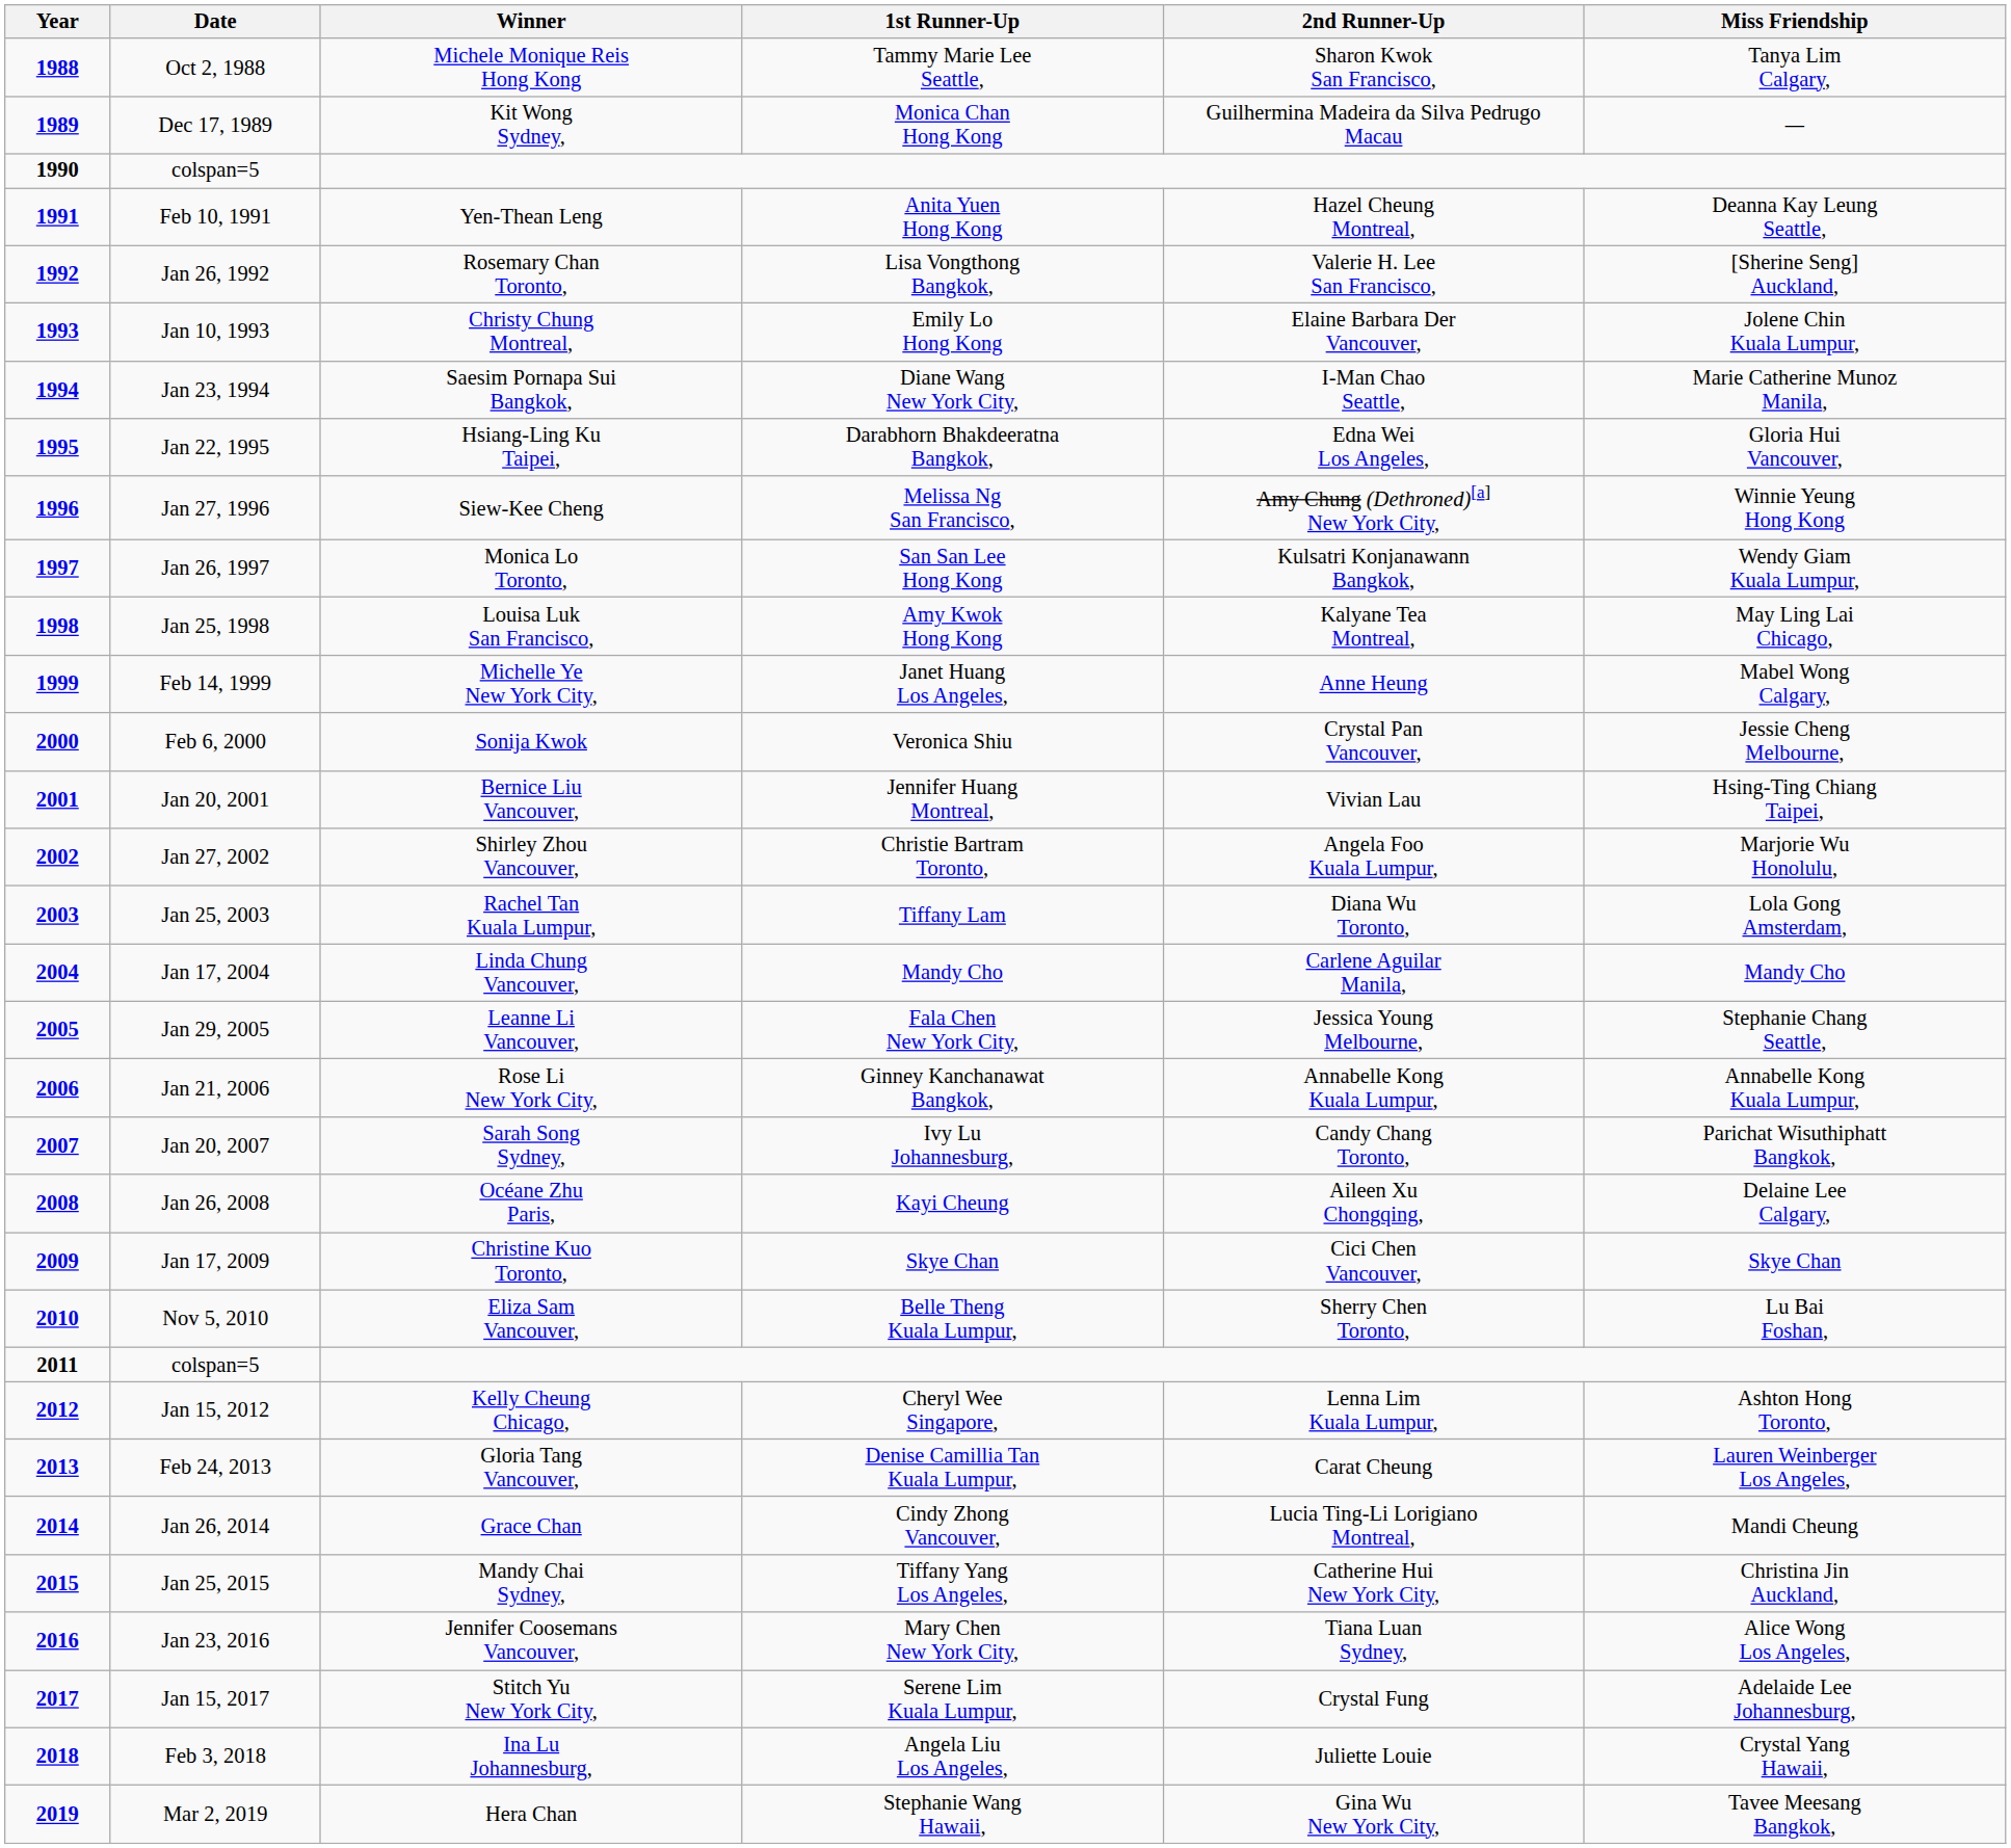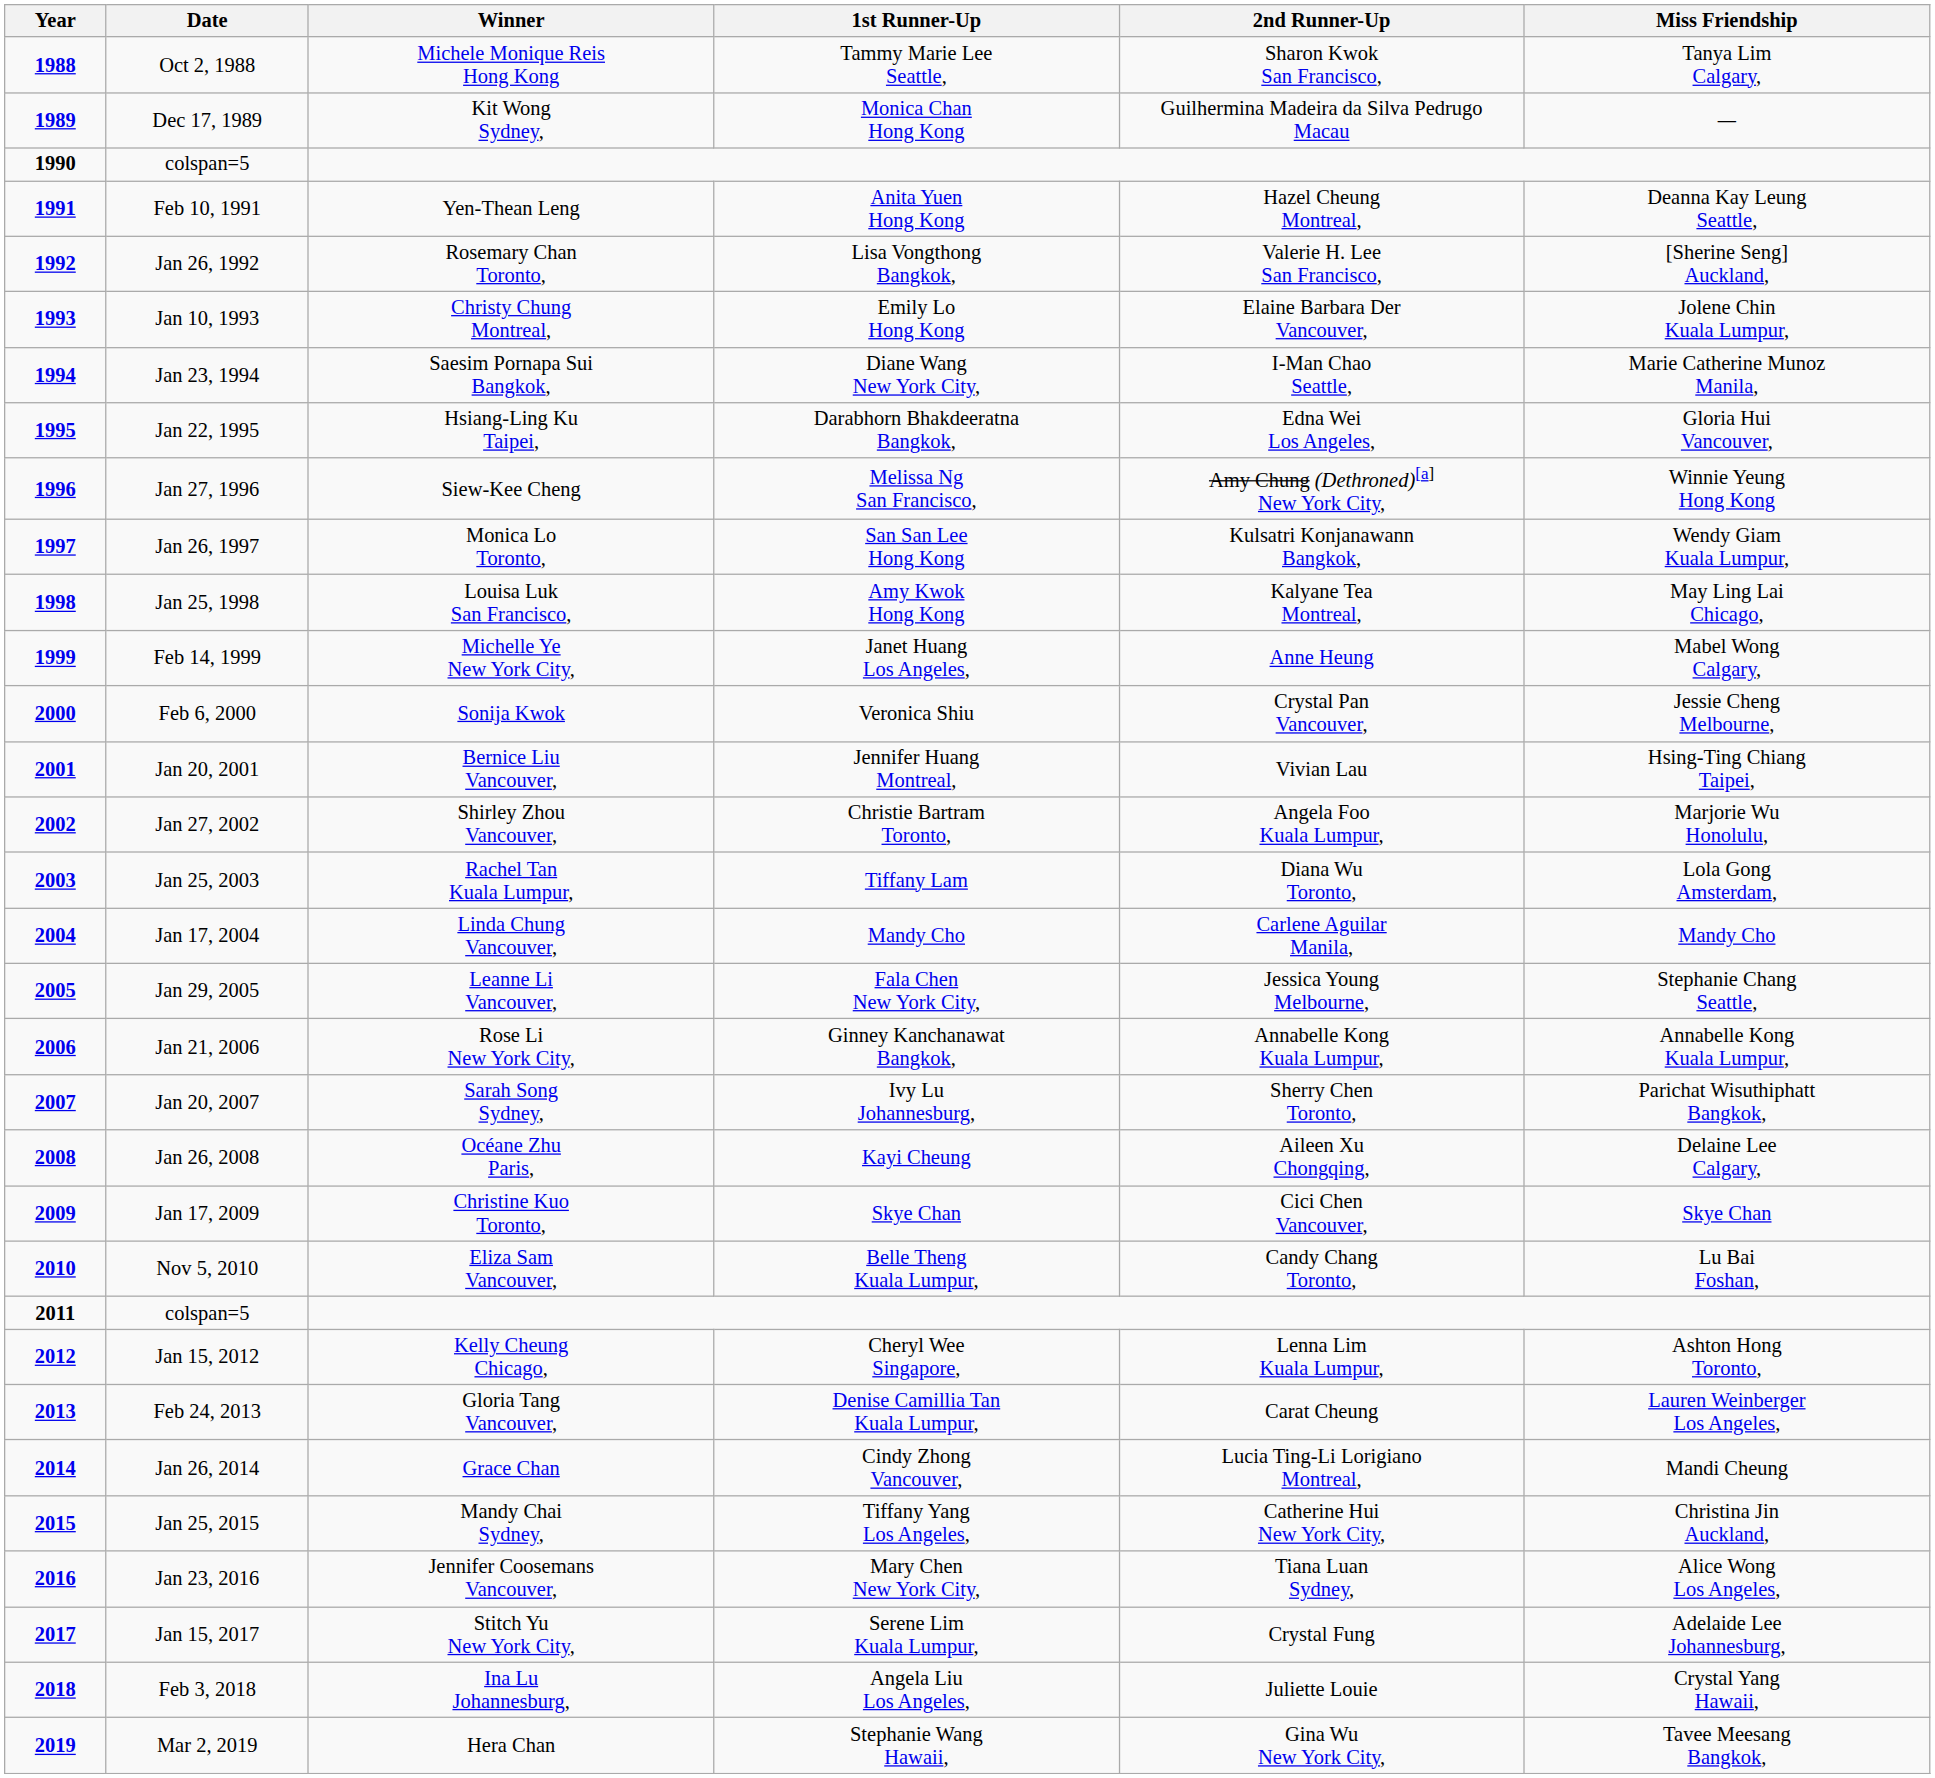 <table class="wikitable" style="width:95%;text-align:center">
 <tr>
 <th width="5%"><strong>Year</strong></th>
 <th width="10%"><strong>Date</strong></th>
 <th width="20%"><strong>Winner</strong></th>
 <th width="20%"><strong>1st Runner-Up</strong></th>
 <th width="20%"><strong>2nd Runner-Up</strong></th>
 <th width="20%"><strong>Miss Friendship</strong></th>
 </tr>
 <tr>
 <td><strong><a href='#'>1988</a></strong></td>
 <td>Oct 2, 1988</td>
 <td><a href='#'>Michele Monique Reis</a><br> <a href='#'>Hong Kong</a></td>
 <td>Tammy Marie Lee<br><a href='#'>Seattle</a>, </td>
 <td>Sharon Kwok<br><a href='#'>San Francisco</a>, </td>
 <td>Tanya Lim<br><a href='#'>Calgary</a>, </td>
 </tr>
 <tr>
 <td><strong><a href='#'>1989</a></strong></td>
 <td>Dec 17, 1989</td>
 <td>Kit Wong<br><a href='#'>Sydney</a>, </td>
 <td><a href='#'>Monica Chan</a><br> <a href='#'>Hong Kong</a></td>
 <td>Guilhermina Madeira da Silva Pedrugo<br> <a href='#'>Macau</a></td>
 <td><em>—</em></td>
 </tr>
 <tr>
 <td><strong>1990</strong></td>
 <td>colspan=5 </td>
 </tr>
 <tr>
 <td><strong><a href='#'>1991</a></strong></td>
 <td>Feb 10, 1991</td>
 <td>Yen-Thean Leng<br></td>
 <td><a href='#'>Anita Yuen</a><br> <a href='#'>Hong Kong</a></td>
 <td>Hazel Cheung<br><a href='#'>Montreal</a>, </td>
 <td>Deanna Kay Leung<br><a href='#'>Seattle</a>, </td>
 </tr>
 <tr>
 <td><strong><a href='#'>1992</a></strong></td>
 <td>Jan 26, 1992</td>
 <td>Rosemary Chan<br><a href='#'>Toronto</a>, </td>
 <td>Lisa Vongthong<br><a href='#'>Bangkok</a>, </td>
 <td>Valerie H. Lee<br><a href='#'>San Francisco</a>, </td>
 <td>[Sherine Seng]<br><a href='#'>Auckland</a>, </td>
 </tr>
 <tr>
 <td><strong><a href='#'>1993</a></strong></td>
 <td>Jan 10, 1993</td>
 <td><a href='#'>Christy Chung</a><br><a href='#'>Montreal</a>, </td>
 <td>Emily Lo<br> <a href='#'>Hong Kong</a></td>
 <td>Elaine Barbara Der<br><a href='#'>Vancouver</a>, </td>
 <td>Jolene Chin<br><a href='#'>Kuala Lumpur</a>, </td>
 </tr>
 <tr>
 <td><strong><a href='#'>1994</a></strong></td>
 <td>Jan 23, 1994</td>
 <td>Saesim Pornapa Sui<br><a href='#'>Bangkok</a>, </td>
 <td>Diane Wang<br><a href='#'>New York City</a>, </td>
 <td>I-Man Chao<br><a href='#'>Seattle</a>, </td>
 <td>Marie Catherine Munoz<br><a href='#'>Manila</a>, </td>
 </tr>
 <tr>
 <td><strong><a href='#'>1995</a></strong></td>
 <td>Jan 22, 1995</td>
 <td>Hsiang-Ling Ku<br><a href='#'>Taipei</a>, </td>
 <td>Darabhorn Bhakdeeratna<br><a href='#'>Bangkok</a>, </td>
 <td>Edna Wei<br><a href='#'>Los Angeles</a>, </td>
 <td>Gloria Hui<br><a href='#'>Vancouver</a>, </td>
 </tr>
 <tr>
 <td><strong><a href='#'>1996</a></strong></td>
 <td>Jan 27, 1996</td>
 <td>Siew-Kee Cheng<br></td>
 <td><a href='#'>Melissa Ng</a><br><a href='#'>San Francisco</a>, </td>
 <td><s>Amy Chung</s> <em>(Dethroned)</em><sup><span></span><a href='#'>[a</a>]</sup><br><a href='#'>New York City</a>, </td>
 <td>Winnie Yeung<br> <a href='#'>Hong Kong</a></td>
 </tr>
 <tr>
 <td><strong><a href='#'>1997</a></strong></td>
 <td>Jan 26, 1997</td>
 <td>Monica Lo<br><a href='#'>Toronto</a>, </td>
 <td><a href='#'>San San Lee</a><br> <a href='#'>Hong Kong</a></td>
 <td>Kulsatri Konjanawann<br><a href='#'>Bangkok</a>, </td>
 <td>Wendy Giam<br><a href='#'>Kuala Lumpur</a>, </td>
 </tr>
 <tr>
 <td><strong><a href='#'>1998</a></strong></td>
 <td>Jan 25, 1998</td>
 <td>Louisa Luk<br><a href='#'>San Francisco</a>, </td>
 <td><a href='#'>Amy Kwok</a><br> <a href='#'>Hong Kong</a></td>
 <td>Kalyane Tea<br><a href='#'>Montreal</a>, </td>
 <td>May Ling Lai<br><a href='#'>Chicago</a>, </td>
 </tr>
 <tr>
 <td><strong><a href='#'>1999</a></strong></td>
 <td>Feb 14, 1999</td>
 <td><a href='#'>Michelle Ye</a><br><a href='#'>New York City</a>, </td>
 <td>Janet Huang<br><a href='#'>Los Angeles</a>, </td>
 <td><a href='#'>Anne Heung</a><br></td>
 <td>Mabel Wong<br><a href='#'>Calgary</a>, </td>
 </tr>
 <tr>
 <td><strong><a href='#'>2000</a></strong></td>
 <td>Feb 6, 2000</td>
 <td><a href='#'>Sonija Kwok</a><br></td>
 <td>Veronica Shiu<br></td>
 <td>Crystal Pan<br><a href='#'>Vancouver</a>, </td>
 <td>Jessie Cheng<br><a href='#'>Melbourne</a>, </td>
 </tr>
 <tr>
 <td><strong><a href='#'>2001</a></strong></td>
 <td>Jan 20, 2001</td>
 <td><a href='#'>Bernice Liu</a><br><a href='#'>Vancouver</a>, </td>
 <td>Jennifer Huang<br><a href='#'>Montreal</a>, </td>
 <td>Vivian Lau<br></td>
 <td>Hsing-Ting Chiang<br><a href='#'>Taipei</a>, </td>
 </tr>
 <tr>
 <td><strong><a href='#'>2002</a></strong></td>
 <td>Jan 27, 2002</td>
 <td>Shirley Zhou<br><a href='#'>Vancouver</a>, </td>
 <td>Christie Bartram<br><a href='#'>Toronto</a>, </td>
 <td>Angela Foo<br><a href='#'>Kuala Lumpur</a>, </td>
 <td>Marjorie Wu<br><a href='#'>Honolulu</a>, </td>
 </tr>
 <tr>
 <td><strong><a href='#'>2003</a></strong></td>
 <td>Jan 25, 2003</td>
 <td><a href='#'>Rachel Tan</a><br><a href='#'>Kuala Lumpur</a>, </td>
 <td><a href='#'>Tiffany Lam</a><br></td>
 <td>Diana Wu<br><a href='#'>Toronto</a>, </td>
 <td>Lola Gong<br><a href='#'>Amsterdam</a>, </td>
 </tr>
 <tr>
 <td><strong><a href='#'>2004</a></strong></td>
 <td>Jan 17, 2004</td>
 <td><a href='#'>Linda Chung</a><br><a href='#'>Vancouver</a>, </td>
 <td><a href='#'>Mandy Cho</a><br></td>
 <td><a href='#'>Carlene Aguilar</a><br><a href='#'>Manila</a>, </td>
 <td><a href='#'>Mandy Cho</a><br></td>
 </tr>
 <tr>
 <td><strong><a href='#'>2005</a></strong></td>
 <td>Jan 29, 2005</td>
 <td><a href='#'>Leanne Li</a><br><a href='#'>Vancouver</a>, </td>
 <td><a href='#'>Fala Chen</a><br><a href='#'>New York City</a>, </td>
 <td>Jessica Young<br><a href='#'>Melbourne</a>, </td>
 <td>Stephanie Chang<br><a href='#'>Seattle</a>, </td>
 </tr>
 <tr>
 <td><strong><a href='#'>2006</a></strong></td>
 <td>Jan 21, 2006</td>
 <td>Rose Li<br><a href='#'>New York City</a>, </td>
 <td>Ginney Kanchanawat<br><a href='#'>Bangkok</a>, </td>
 <td>Annabelle Kong<br><a href='#'>Kuala Lumpur</a>, </td>
 <td>Annabelle Kong<br><a href='#'>Kuala Lumpur</a>, </td>
 </tr>
 <tr>
 <td><strong><a href='#'>2007</a></strong></td>
 <td>Jan 20, 2007</td>
 <td><a href='#'>Sarah Song</a><br><a href='#'>Sydney</a>, </td>
 <td>Ivy Lu<br><a href='#'>Johannesburg</a>, </td>
-<td>Candy Chang<br><a href='#'>Toronto</a>, </td>
+<td>Sherry Chen<br><a href='#'>Toronto</a>, </td>
 <td>Parichat Wisuthiphatt<br><a href='#'>Bangkok</a>, </td>
 </tr>
 <tr>
 <td><strong><a href='#'>2008</a></strong></td>
 <td>Jan 26, 2008</td>
 <td><a href='#'>Océane Zhu</a><br><a href='#'>Paris</a>, </td>
 <td><a href='#'>Kayi Cheung</a><br></td>
 <td>Aileen Xu<br><a href='#'>Chongqing</a>, </td>
 <td>Delaine Lee<br><a href='#'>Calgary</a>, </td>
 </tr>
 <tr>
 <td><strong><a href='#'>2009</a></strong></td>
 <td>Jan 17, 2009</td>
 <td><a href='#'>Christine Kuo</a><br><a href='#'>Toronto</a>, </td>
 <td><a href='#'>Skye Chan</a><br></td>
 <td>Cici Chen<br><a href='#'>Vancouver</a>, </td>
 <td><a href='#'>Skye Chan</a><br></td>
 </tr>
 <tr>
 <td><strong><a href='#'>2010</a></strong></td>
 <td>Nov 5, 2010</td>
 <td><a href='#'>Eliza Sam</a><br><a href='#'>Vancouver</a>, </td>
 <td><a href='#'>Belle Theng</a><br><a href='#'>Kuala Lumpur</a>, </td>
-<td>Sherry Chen<br><a href='#'>Toronto</a>, </td>
+<td>Candy Chang<br><a href='#'>Toronto</a>, </td>
 <td>Lu Bai<br><a href='#'>Foshan</a>, </td>
 </tr>
 <tr>
 <td><strong>2011</strong></td>
 <td>colspan=5 </td>
 </tr>
 <tr>
 <td><strong><a href='#'>2012</a></strong></td>
 <td>Jan 15, 2012</td>
 <td><a href='#'>Kelly Cheung</a><br><a href='#'>Chicago</a>, </td>
 <td>Cheryl Wee<br><a href='#'>Singapore</a>, </td>
 <td>Lenna Lim<br><a href='#'>Kuala Lumpur</a>, </td>
 <td>Ashton Hong<br><a href='#'>Toronto</a>, </td>
 </tr>
 <tr>
 <td><strong><a href='#'>2013</a></strong></td>
 <td>Feb 24, 2013</td>
 <td>Gloria Tang<br><a href='#'>Vancouver</a>, </td>
 <td><a href='#'>Denise Camillia Tan</a><br><a href='#'>Kuala Lumpur</a>, </td>
 <td>Carat Cheung<br></td>
 <td><a href='#'>Lauren Weinberger</a><br><a href='#'>Los Angeles</a>, </td>
 </tr>
 <tr>
 <td><strong><a href='#'>2014</a></strong></td>
 <td>Jan 26, 2014</td>
 <td><a href='#'>Grace Chan</a><br></td>
 <td>Cindy Zhong<br><a href='#'>Vancouver</a>, </td>
 <td>Lucia Ting-Li Lorigiano<br><a href='#'>Montreal</a>, </td>
 <td>Mandi Cheung<br></td>
 </tr>
 <tr>
 <td><strong><a href='#'>2015</a></strong></td>
 <td>Jan 25, 2015</td>
 <td>Mandy Chai<br><a href='#'>Sydney</a>, </td>
 <td>Tiffany Yang<br><a href='#'>Los Angeles</a>, </td>
 <td>Catherine Hui<br><a href='#'>New York City</a>, </td>
 <td>Christina Jin<br><a href='#'>Auckland</a>, </td>
 </tr>
 <tr>
 <td><strong><a href='#'>2016</a></strong></td>
 <td>Jan 23, 2016</td>
 <td>Jennifer Coosemans<br><a href='#'>Vancouver</a>, </td>
 <td>Mary Chen<br><a href='#'>New York City</a>, </td>
 <td>Tiana Luan<br><a href='#'>Sydney</a>, </td>
 <td>Alice Wong<br><a href='#'>Los Angeles</a>, </td>
 </tr>
 <tr>
 <td><strong><a href='#'>2017</a></strong></td>
 <td>Jan 15, 2017</td>
 <td>Stitch Yu<br><a href='#'>New York City</a>, </td>
 <td>Serene Lim<br><a href='#'>Kuala Lumpur</a>, </td>
 <td>Crystal Fung<br></td>
 <td>Adelaide Lee<br><a href='#'>Johannesburg</a>, </td>
 </tr>
 <tr>
 <td><strong><a href='#'>2018</a></strong></td>
 <td>Feb 3, 2018</td>
 <td><a href='#'>Ina Lu</a><br><a href='#'>Johannesburg</a>, </td>
 <td>Angela Liu<br><a href='#'>Los Angeles</a>, </td>
 <td>Juliette Louie<br></td>
 <td>Crystal Yang<br><a href='#'>Hawaii</a>, </td>
 </tr>
 <tr>
 <td><strong><a href='#'>2019</a></strong></td>
 <td>Mar 2, 2019</td>
 <td>Hera Chan<br></td>
 <td>Stephanie Wang<br><a href='#'>Hawaii</a>, </td>
 <td>Gina Wu<br><a href='#'>New York City</a>, </td>
 <td>Tavee Meesang<br><a href='#'>Bangkok</a>, </td>
 </tr>
 <tr>
 </tr>
 </table>
